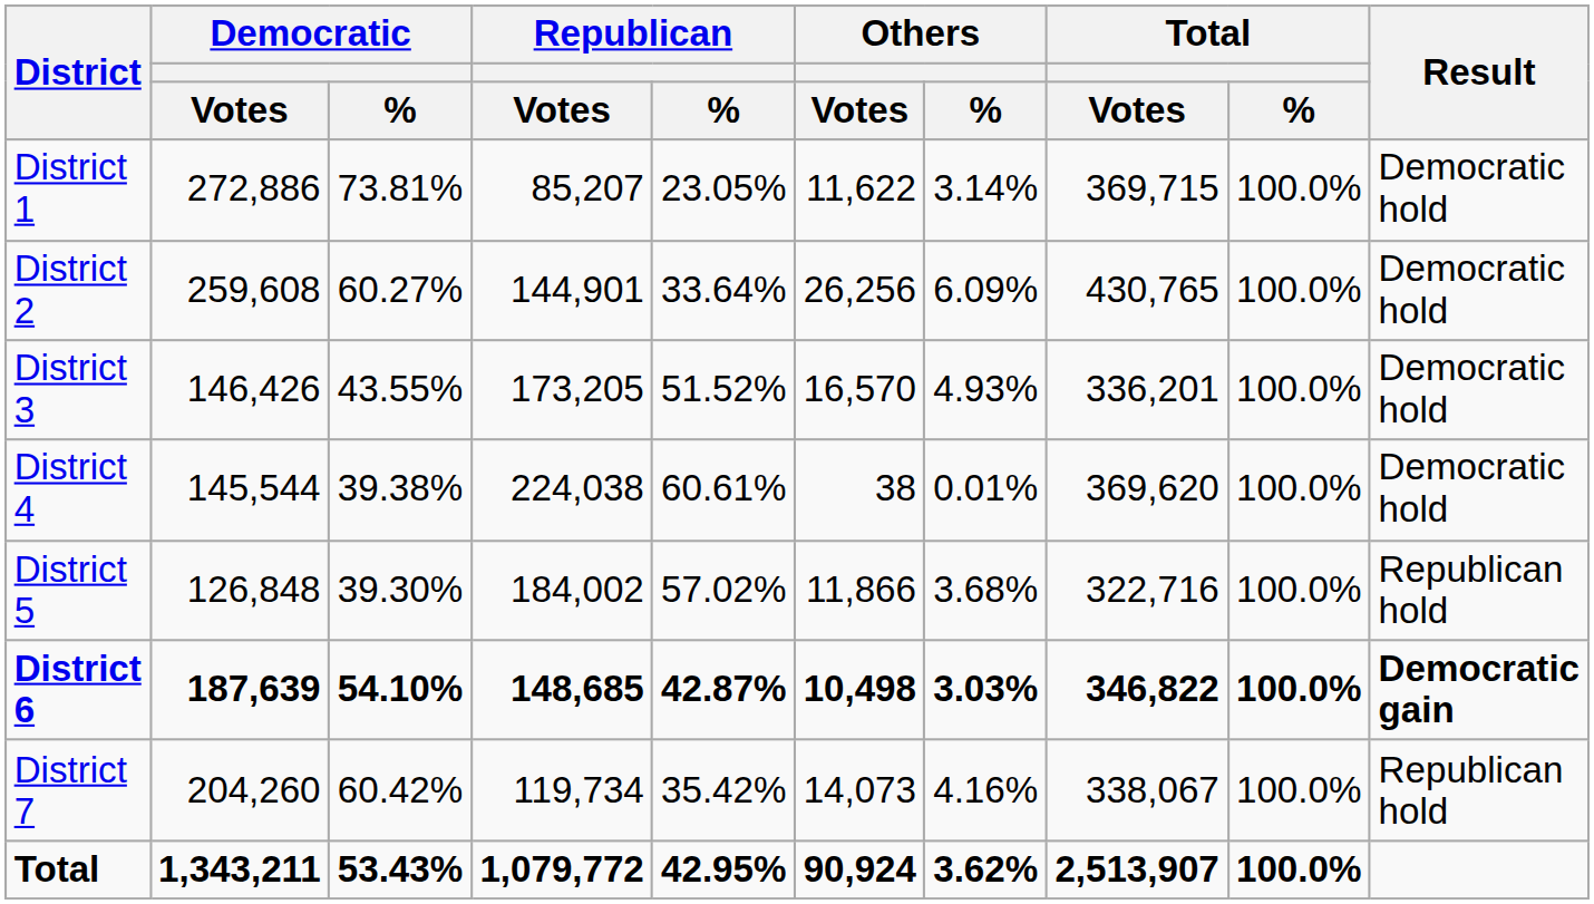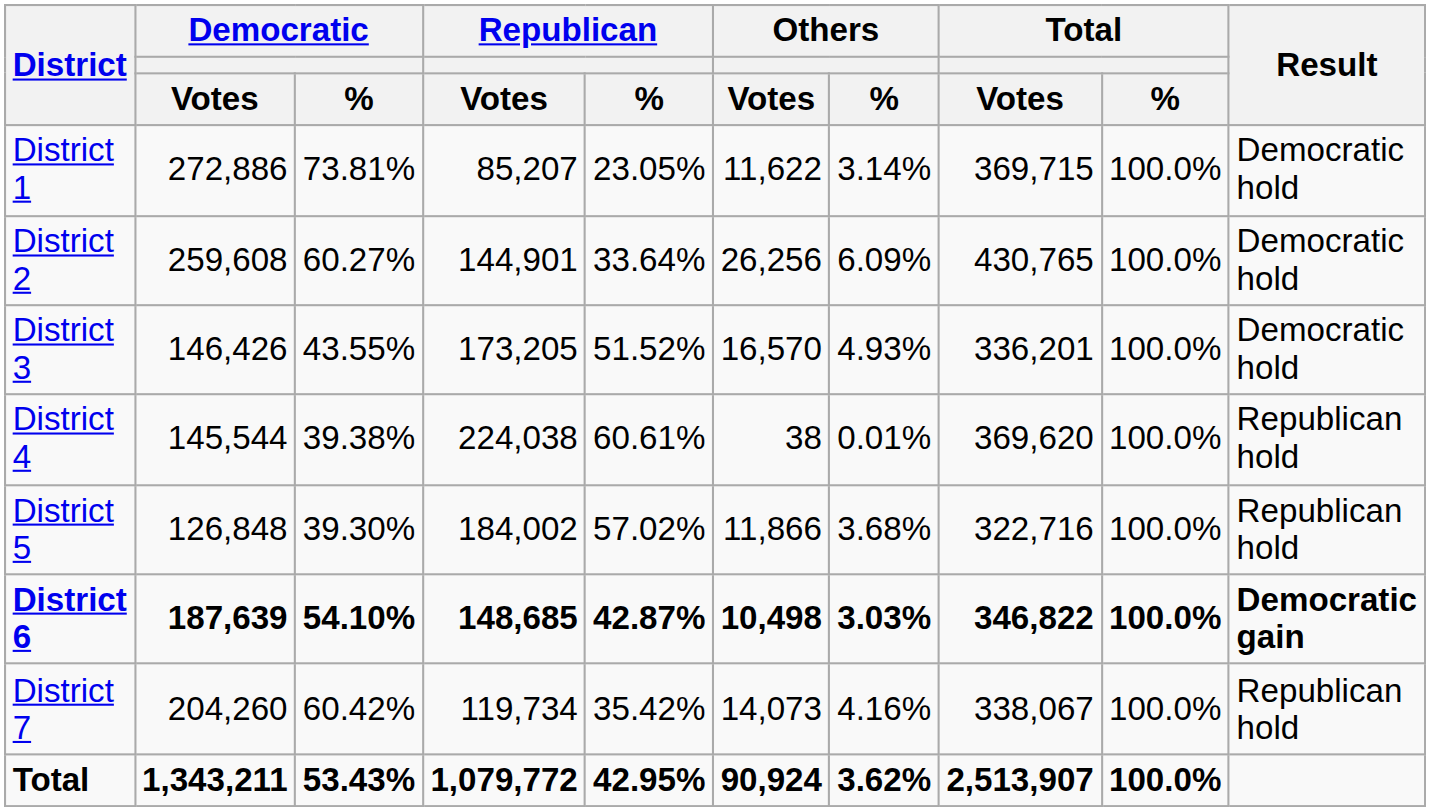 <table class="wikitable plainrowheaders sortable" style="font-size:100%; text-align:right;">
 <tr>
 <th scope=col rowspan=3><a href='#'>District</a></th>
 <th scope=col colspan=2><a href='#'>Democratic</a></th>
 <th scope=col colspan=2><a href='#'>Republican</a></th>
 <th scope=col colspan=2>Others</th>
 <th scope=col colspan=2>Total</th>
 <th scope=col rowspan=3>Result</th>
 </tr>
 <tr>
 <th scope=col colspan=2 style="background:"></th>
 <th scope=col colspan=2 style="background:"></th>
 <th scope=col colspan=2></th>
 <th scope=col colspan=2></th>
 </tr>
 <tr>
 <th scope=col data-sort-type="number">Votes</th>
 <th scope=col data-sort-type="number">%</th>
 <th scope=col data-sort-type="number">Votes</th>
 <th scope=col data-sort-type="number">%</th>
 <th scope=col data-sort-type="number">Votes</th>
 <th scope=col data-sort-type="number">%</th>
 <th scope=col data-sort-type="number">Votes</th>
 <th scope=col data-sort-type="number">%</th>
 </tr>
 <tr>
 <td align=left><a href='#'>District 1</a></td>
 <td>272,886</td>
 <td>73.81%</td>
 <td>85,207</td>
 <td>23.05%</td>
 <td>11,622</td>
 <td>3.14%</td>
 <td>369,715</td>
 <td>100.0%</td>
 <td align=left>Democratic hold</td>
 </tr>
 <tr>
 <td align=left><a href='#'>District 2</a></td>
 <td>259,608</td>
 <td>60.27%</td>
 <td>144,901</td>
 <td>33.64%</td>
 <td>26,256</td>
 <td>6.09%</td>
 <td>430,765</td>
 <td>100.0%</td>
 <td align=left>Democratic hold</td>
 </tr>
 <tr>
 <td align=left><a href='#'>District 3</a></td>
 <td>146,426</td>
 <td>43.55%</td>
 <td>173,205</td>
 <td>51.52%</td>
 <td>16,570</td>
 <td>4.93%</td>
 <td>336,201</td>
 <td>100.0%</td>
 <td align=left>Democratic hold</td>
 </tr>
 <tr>
 <td align=left><a href='#'>District 4</a></td>
 <td>145,544</td>
 <td>39.38%</td>
 <td>224,038</td>
 <td>60.61%</td>
 <td>38</td>
 <td>0.01%</td>
 <td>369,620</td>
 <td>100.0%</td>
-<td align=left>Democratic hold</td>
+<td align=left>Republican hold</td>
 </tr>
 <tr>
 <td align=left><a href='#'>District 5</a></td>
 <td>126,848</td>
 <td>39.30%</td>
 <td>184,002</td>
 <td>57.02%</td>
 <td>11,866</td>
 <td>3.68%</td>
 <td>322,716</td>
 <td>100.0%</td>
 <td align=left>Republican hold</td>
 </tr>
 <tr>
 <td align=left><strong><a href='#'>District 6</a></strong></td>
 <td><strong>187,639</strong></td>
 <td><strong>54.10%</strong></td>
 <td><strong>148,685</strong></td>
 <td><strong>42.87%</strong></td>
 <td><strong>10,498</strong></td>
 <td><strong>3.03%</strong></td>
 <td><strong>346,822</strong></td>
 <td><strong>100.0%</strong></td>
 <td align=left><strong>Democratic gain</strong></td>
 </tr>
 <tr>
 <td align=left><a href='#'>District 7</a></td>
 <td>204,260</td>
 <td>60.42%</td>
 <td>119,734</td>
 <td>35.42%</td>
 <td>14,073</td>
 <td>4.16%</td>
 <td>338,067</td>
 <td>100.0%</td>
 <td align=left>Republican hold</td>
 </tr>
 <tr class="sortbottom" style="font-weight:bold">
 <td align=left>Total</td>
 <td>1,343,211</td>
 <td>53.43%</td>
 <td>1,079,772</td>
 <td>42.95%</td>
 <td>90,924</td>
 <td>3.62%</td>
 <td>2,513,907</td>
 <td>100.0%</td>
 <td></td>
 </tr>
 </table>
